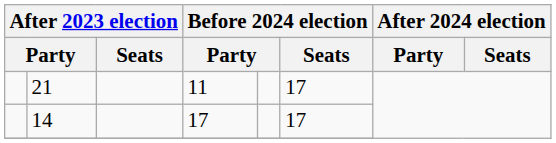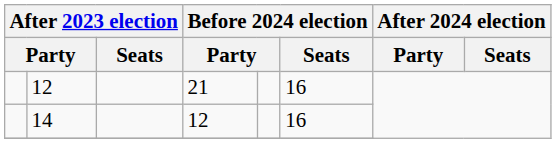 <table class="wikitable">
 <tr>
 <th colspan="3">After <a href='#'>2023 election</a></th>
 <th colspan="3">Before 2024 election</th>
 <th colspan="3">After 2024 election</th>
 </tr>
 <tr>
 <th colspan="2">Party</th>
 <th>Seats</th>
 <th colspan="2">Party</th>
 <th>Seats</th>
 <th colspan="2">Party</th>
 <th>Seats</th>
 </tr>
 <tr>
 <td></td>
+<td>12</td>
+<td></td>
 <td>21</td>
 <td></td>
-<td>11</td>
-<td></td>
-<td>17</td>
+<td>16</td>
 </tr>
 <tr>
 <td></td>
 <td>14</td>
 <td></td>
-<td>17</td>
+<td>12</td>
 <td></td>
-<td>17</td>
+<td>16</td>
 </tr>
 <tr>
 </tr>
 </table>
